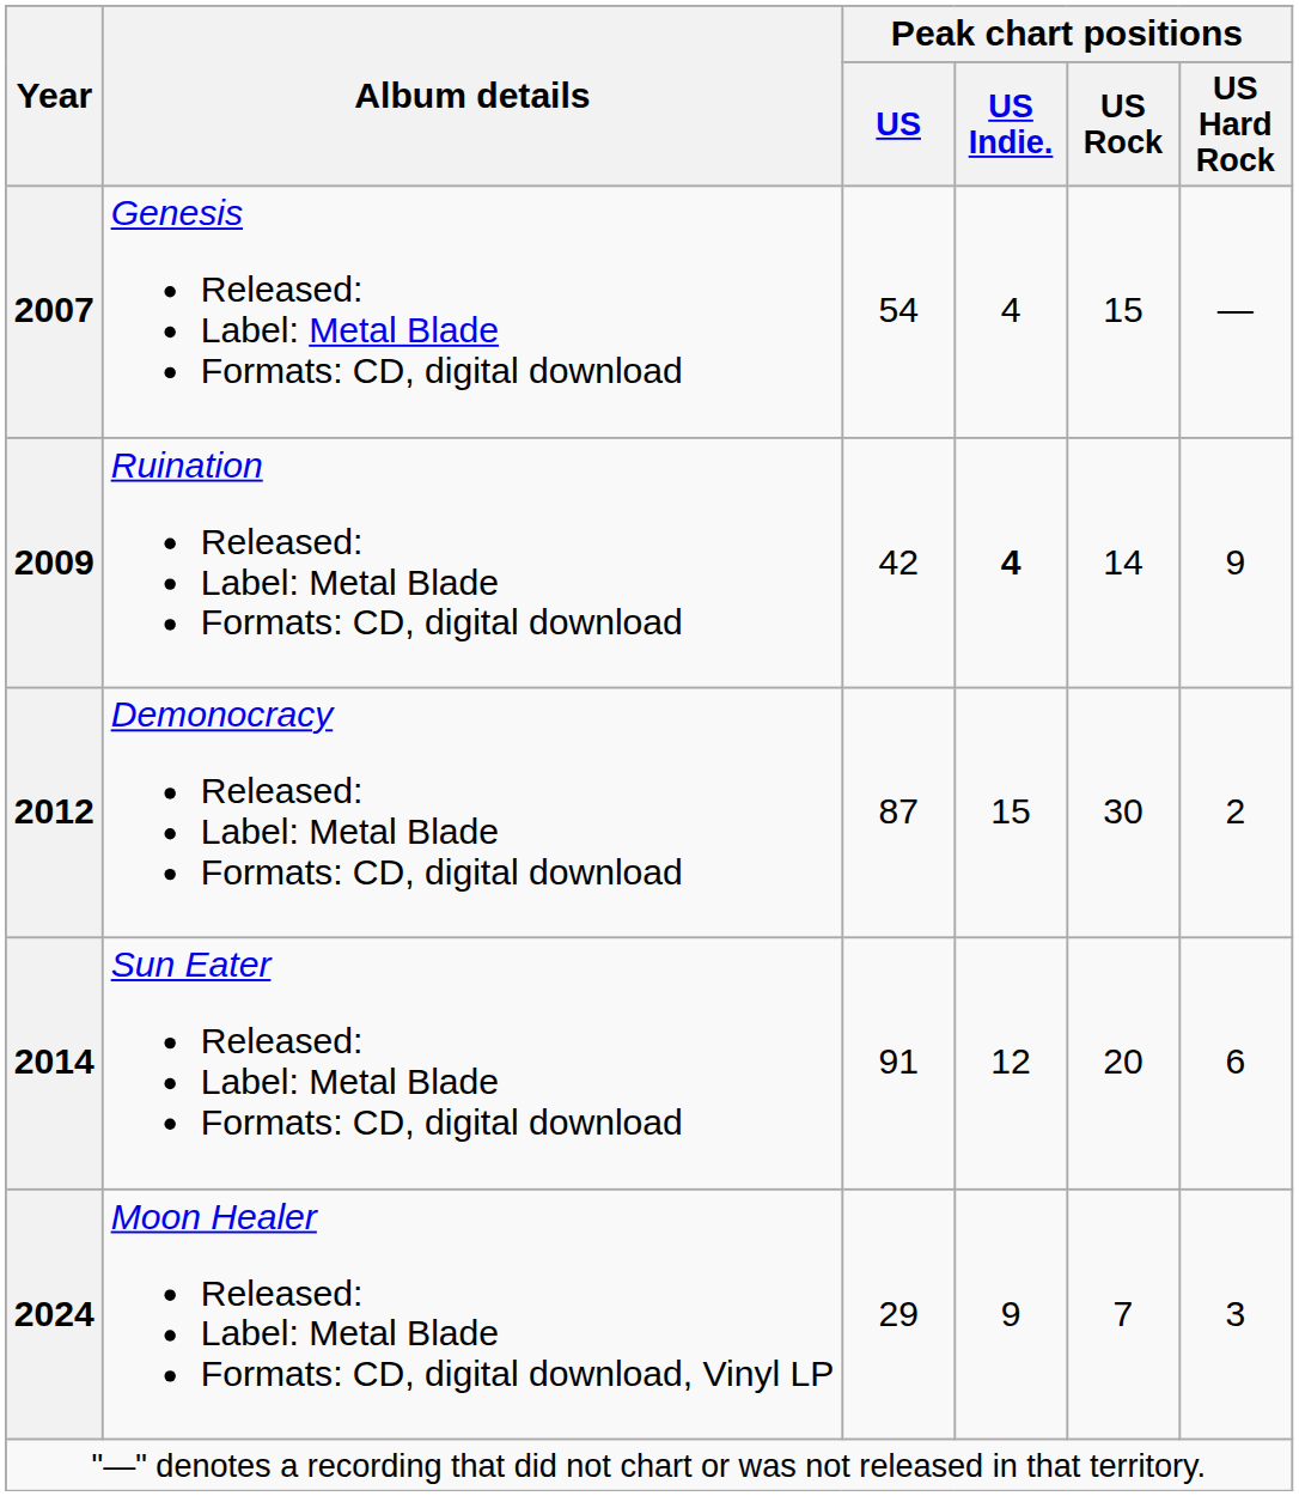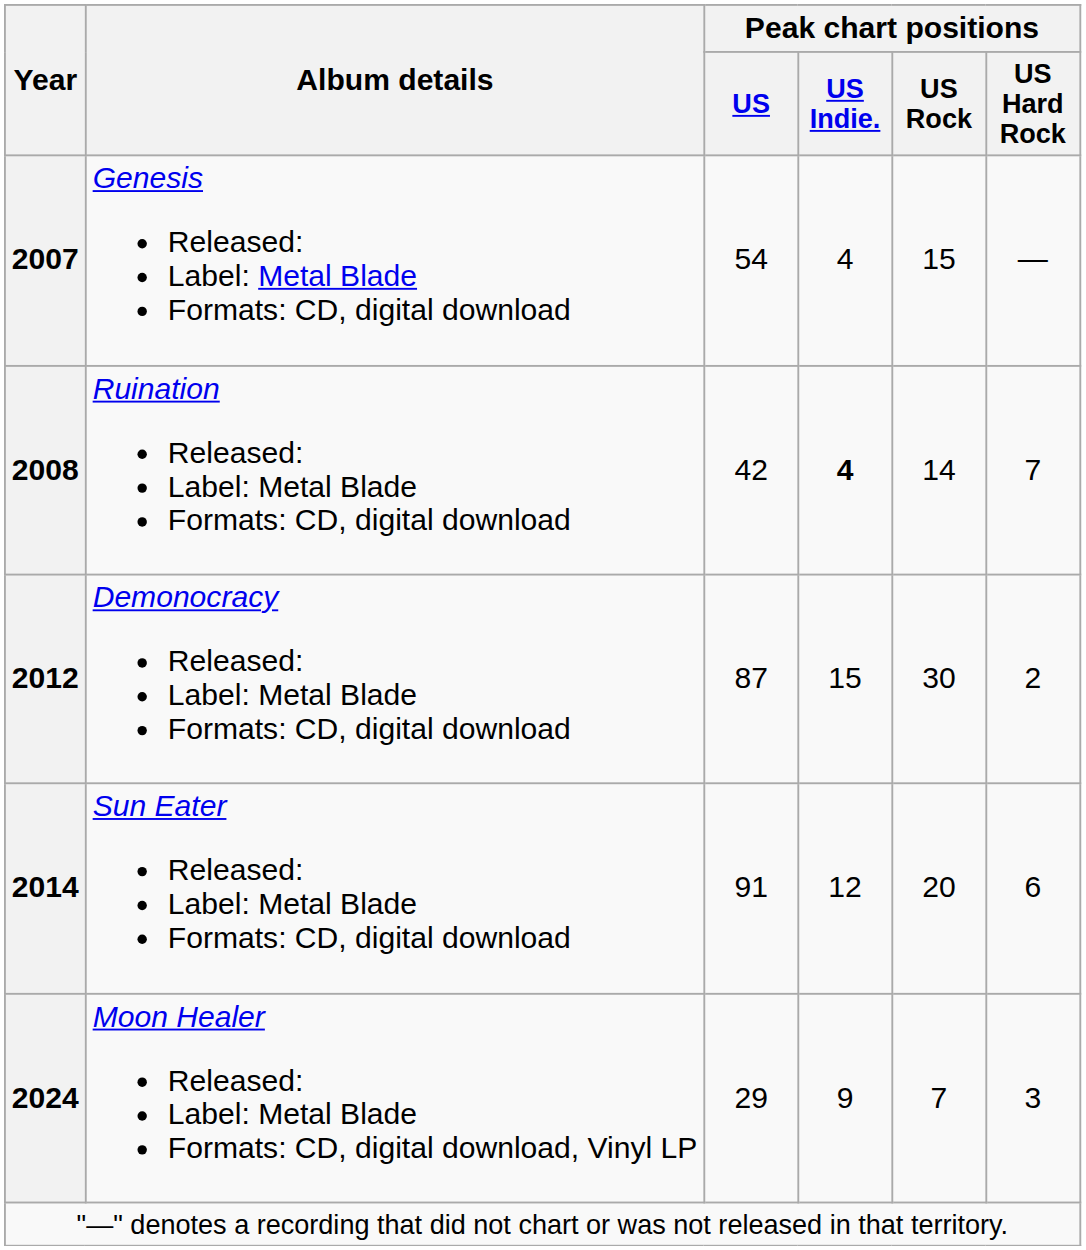 <table class="wikitable plainrowheaders" style="text-align:center;">
 <tr>
 <th rowspan="2">Year</th>
 <th rowspan="2">Album details</th>
 <th scope="col" colspan="10">Peak chart positions</th>
 </tr>
 <tr>
 <th scope="col" style="width:3em;font-size:90%;"><a href='#'>US</a><br></th>
 <th scope="col" style="width:3em;font-size:90%;"><a href='#'>US<br>Indie.</a><br></th>
 <th scope="col" style="width:3em;font-size:90%;">US<br>Rock<br></th>
 <th scope="col" style="width:3em;font-size:90%;">US<br>Hard Rock<br></th>
 </tr>
 <tr>
 <th scope="row">2007</th>
 <td align=left><em><a href='#'>Genesis</a></em><br><ul><li>Released: </li><li>Label: <a href='#'>Metal Blade</a></li><li>Formats: CD, digital download</li></ul></td>
 <td>54</td>
 <td>4</td>
 <td>15</td>
 <td>—</td>
 </tr>
 <tr>
-<th scope="row">2009</th>
+<th scope="row">2008</th>
 <td align=left><em><a href='#'>Ruination</a></em><br><ul><li>Released: </li><li>Label: Metal Blade</li><li>Formats: CD, digital download</li></ul></td>
 <td>42</td>
 <td><strong>4</strong></td>
 <td>14</td>
-<td>9</td>
+<td>7</td>
 </tr>
 <tr>
 <th scope="row">2012</th>
 <td align=left><em><a href='#'>Demonocracy</a></em><br><ul><li>Released: </li><li>Label: Metal Blade</li><li>Formats: CD, digital download</li></ul></td>
 <td>87</td>
 <td>15</td>
 <td>30</td>
 <td>2</td>
 </tr>
 <tr>
 <th scope="row">2014</th>
 <td align=left><em><a href='#'>Sun Eater</a></em><br><ul><li>Released: </li><li>Label: Metal Blade</li><li>Formats: CD, digital download</li></ul></td>
 <td>91</td>
 <td>12</td>
 <td>20</td>
 <td>6</td>
 </tr>
 <tr>
 <th scope="row">2024</th>
 <td align=left><em><a href='#'>Moon Healer</a></em><br><ul><li>Released: </li><li>Label: Metal Blade</li><li>Formats: CD, digital download, Vinyl LP</li></ul></td>
 <td>29</td>
 <td>9</td>
 <td>7</td>
 <td>3</td>
 </tr>
 <tr>
 <td colspan="15" style="font-size:90%">"—" denotes a recording that did not chart or was not released in that territory.</td>
 </tr>
 </table>
